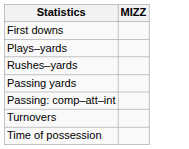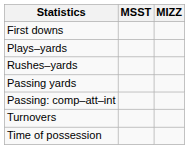 <table class="wikitable" style="float:left">
 <tr>
 <th>Statistics</th>
+<th>MSST</th>
 <th>MIZZ</th>
 </tr>
 <tr>
 <td>First downs</td>
 <td></td>
+<td></td>
 </tr>
 <tr>
 <td>Plays–yards</td>
+<td></td>
 <td></td>
 </tr>
 <tr>
 <td>Rushes–yards</td>
 <td></td>
+<td></td>
 </tr>
 <tr>
 <td>Passing yards</td>
+<td></td>
 <td></td>
 </tr>
 <tr>
 <td>Passing: comp–att–int</td>
 <td></td>
+<td></td>
 </tr>
 <tr>
 <td>Turnovers</td>
+<td></td>
 <td></td>
 </tr>
 <tr>
 <td>Time of possession</td>
 <td></td>
+<td></td>
 </tr>
 </table>
